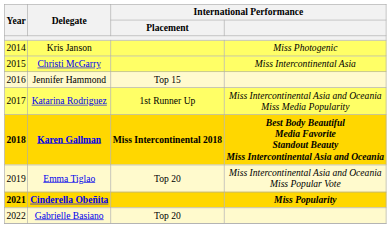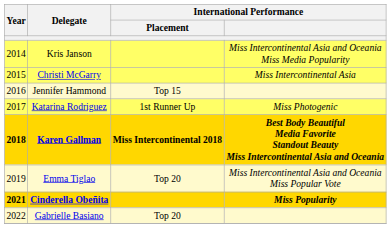 <table class="wikitable" style="font-size: 95%; text-align:center">
 <tr>
 <th rowspan="2">Year</th>
 <th rowspan="2">Delegate</th>
 <th colspan="2">International Performance</th>
 </tr>
 <tr>
 <th>Placement</th>
 <th></th>
 </tr>
 <tr>
 <th colspan="5"></th>
 </tr>
 <tr style="background:#FFFF66;">
 <td>2014</td>
 <td>Kris Janson</td>
 <td></td>
-<td><em>Miss Photogenic</em></td>
+<td><em>Miss Intercontinental Asia and Oceania</em><br><em>Miss Media Popularity</em></td>
 </tr>
 <tr style="background:#FFFF66;">
 <td>2015</td>
 <td><a href='#'>Christi McGarry</a></td>
 <td></td>
 <td><em>Miss Intercontinental Asia</em></td>
 </tr>
 <tr style="background:#FFFACD;">
 <td>2016</td>
 <td>Jennifer Hammond</td>
 <td>Top 15</td>
 <td></td>
 </tr>
 <tr style="background:#FFFF66;">
 <td>2017</td>
 <td><a href='#'>Katarina Rodriguez</a></td>
 <td>1st Runner Up</td>
-<td><em>Miss Intercontinental Asia and Oceania</em><br><em>Miss Media Popularity</em></td>
+<td><em>Miss Photogenic</em></td>
 </tr>
 <tr style="background:Gold; font-weight:bold">
 <td>2018</td>
 <td><a href='#'>Karen Gallman</a></td>
 <td>Miss Intercontinental 2018</td>
 <td><em>Best Body Beautiful<br>Media Favorite<br>Standout Beauty<br>Miss Intercontinental Asia and Oceania</em></td>
 </tr>
 <tr style="background:#FFFACD;">
 <td>2019</td>
 <td><a href='#'>Emma Tiglao</a></td>
 <td>Top 20</td>
 <td><em>Miss Intercontinental Asia and Oceania</em><br><em>Miss Popular Vote</em></td>
 </tr>
 <tr style="background:Gold; font-weight:bold">
 <td>2021</td>
 <td><a href='#'>Cinderella Obeñita</a></td>
 <td></td>
 <td><em>Miss Popularity</em></td>
 </tr>
 <tr style="background:#FFFACD;">
 <td>2022</td>
 <td><a href='#'>Gabrielle Basiano</a></td>
 <td>Top 20</td>
 <td></td>
 </tr>
 <tr>
 </tr>
 </table>
